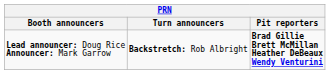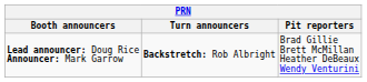 <table class="wikitable" style="font-size: 95%;">
 <tr>
 <th colspan="3"><a href='#'>PRN</a></th>
 </tr>
 <tr>
 <th>Booth announcers</th>
 <th>Turn announcers</th>
 <th>Pit reporters</th>
 </tr>
 <tr>
 <td><strong>Lead announcer:</strong> Doug Rice<br><strong>Announcer:</strong> Mark Garrow</td>
 <td><strong>Backstretch:</strong> Rob Albright</td>
-<td><strong>Brad Gillie<br>Brett McMillan<br>Heather DeBeaux<br><a href='#'>Wendy Venturini</a></strong></td>
+<td>Brad Gillie<br>Brett McMillan<br>Heather DeBeaux<br><a href='#'>Wendy Venturini</a></td>
 </tr>
 </table>
